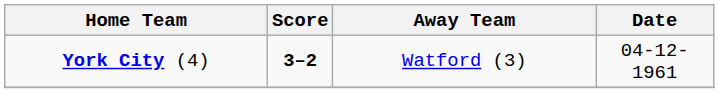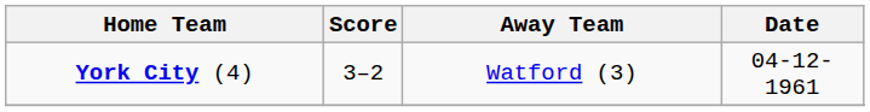 <table class="wikitable" style="text-align:center;">
 <tr>
 <th width=175>Home Team</th>
 <th width=20>Score</th>
 <th width=175>Away Team</th>
 <th width= 75>Date</th>
 </tr>
 <tr>
 <td><a href='#'><strong>York City</strong></a> (4)</td>
-<td><strong>3–2</strong></td>
+<td>3–2</td>
 <td><a href='#'>Watford</a> (3)</td>
 <td>04-12-1961</td>
 </tr>
 <tr>
 </tr>
 </table>
